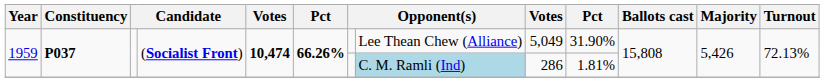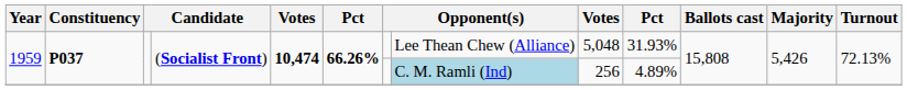 <table class="wikitable" style="margin:0.5em ; font-size:95%">
 <tr>
 <th>Year</th>
 <th>Constituency</th>
 <th colspan=2>Candidate</th>
 <th>Votes</th>
 <th>Pct</th>
 <th colspan=2>Opponent(s)</th>
 <th>Votes</th>
 <th>Pct</th>
 <th>Ballots cast</th>
 <th>Majority</th>
 <th>Turnout</th>
 </tr>
 <tr>
 <td rowspan="2"><a href='#'>1959</a></td>
 <td rowspan="2"><strong>P037 </strong></td>
 <td rowspan="2" ></td>
 <td rowspan="2"> (<a href='#'><strong>Socialist Front</strong></a>)</td>
 <td rowspan="2" align="right"><strong>10,474</strong></td>
 <td rowspan=2><strong>66.26%</strong></td>
 <td></td>
 <td>Lee Thean Chew (<a href='#'>Alliance</a>)</td>
-<td align="right">5,049</td>
-<td>31.90%</td>
+<td align="right">5,048</td>
+<td>31.93%</td>
 <td rowspan="2">15,808</td>
 <td rowspan="2">5,426</td>
 <td rowspan="2">72.13%</td>
 </tr>
 <tr>
 <td></td>
 <td style="background: lightblue;">C. M. Ramli (<a href='#'>Ind</a>)</td>
-<td align="right">286</td>
-<td align="right">1.81%</td>
+<td align="right">256</td>
+<td align="right">4.89%</td>
 </tr>
 <tr>
 </tr>
 </table>
